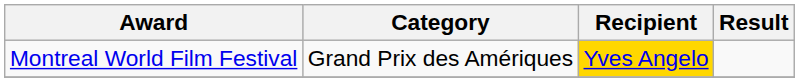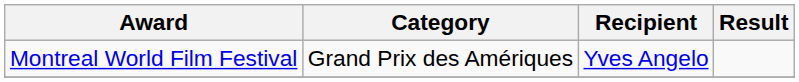 <table class="wikitable">
 <tr>
 <th>Award</th>
 <th>Category</th>
 <th>Recipient</th>
 <th>Result</th>
 </tr>
 <tr>
 <td><a href='#'>Montreal World Film Festival</a></td>
 <td>Grand Prix des Amériques</td>
-<td style="background: gold;"><a href='#'>Yves Angelo</a></td>
+<td><a href='#'>Yves Angelo</a></td>
 <td></td>
 </tr>
 <tr>
 </tr>
 </table>
